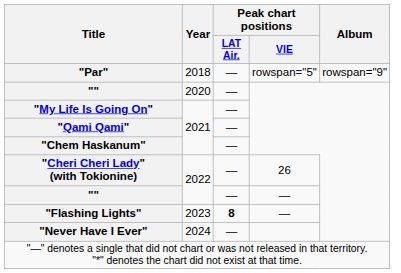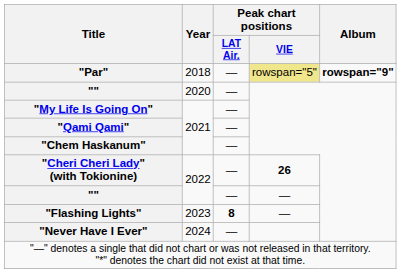 <table class="wikitable plainrowheaders" style="text-align:center;">
 <tr>
 <th scope="col" rowspan="2" style="width:15em;">Title</th>
 <th scope="col" rowspan="2" style="width:1em;">Year</th>
 <th scope="col" colspan="2">Peak chart positions</th>
 <th scope="col" rowspan="2">Album</th>
 </tr>
 <tr>
 <th style="width:3em;font-size:90%"><a href='#'>LAT<br>Air.</a><br></th>
 <th style="width:3em;font-size:90%"><a href='#'>VIE</a><br></th>
 </tr>
 <tr>
 <th scope="row">"Par" <br></th>
 <td>2018</td>
 <td>—</td>
-<td>rowspan="5" </td>
-<td>rowspan="9" </td>
+<td style="background: khaki;">rowspan="5" </td>
+<td><strong>rowspan="9" </strong></td>
 </tr>
 <tr>
 <th scope="row">""</th>
 <td>2020</td>
 <td>—</td>
 </tr>
 <tr>
 <th scope="row">"<a href='#'>My Life Is Going On</a>"</th>
 <td rowspan="3">2021</td>
 <td>—</td>
 </tr>
 <tr>
 <th scope="row">"<a href='#'>Qami Qami</a>" </th>
 <td>—</td>
 </tr>
 <tr>
 <th scope="row">"Chem Haskanum" <br></th>
 <td>—</td>
 </tr>
 <tr>
 <th scope="row">"<a href='#'>Cheri Cheri Lady</a>"<br><span>(with Tokionine)</span></th>
 <td rowspan="2">2022</td>
 <td>—</td>
-<td>26</td>
+<td><strong>26</strong></td>
 </tr>
 <tr>
 <th scope="row">""</th>
 <td>—</td>
 <td>—</td>
 </tr>
 <tr>
 <th scope="row">"Flashing Lights"</th>
 <td>2023</td>
 <td><strong>8</strong></td>
 <td>—</td>
 </tr>
 <tr>
 <th scope="row">"Never Have I Ever"<br></th>
 <td>2024</td>
 <td>—</td>
 <td></td>
 </tr>
 <tr>
 <td colspan="5" style="font-size:90%">"—" denotes a single that did not chart or was not released in that territory.<br>"*" denotes the chart did not exist at that time.</td>
 </tr>
 </table>
